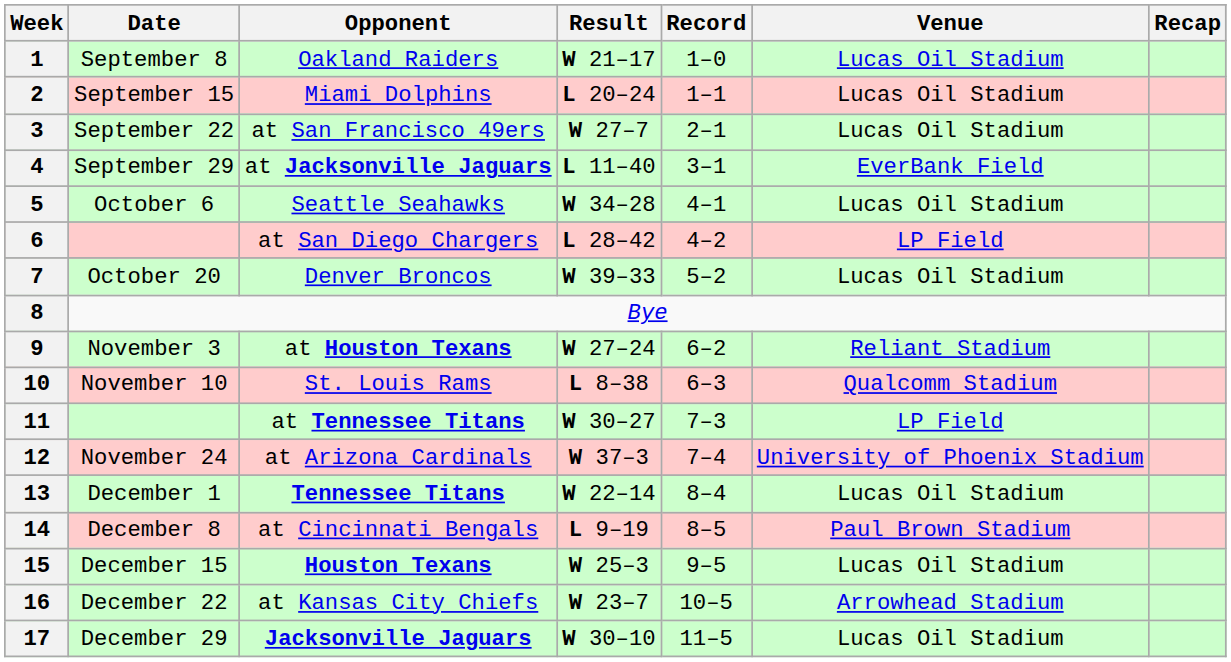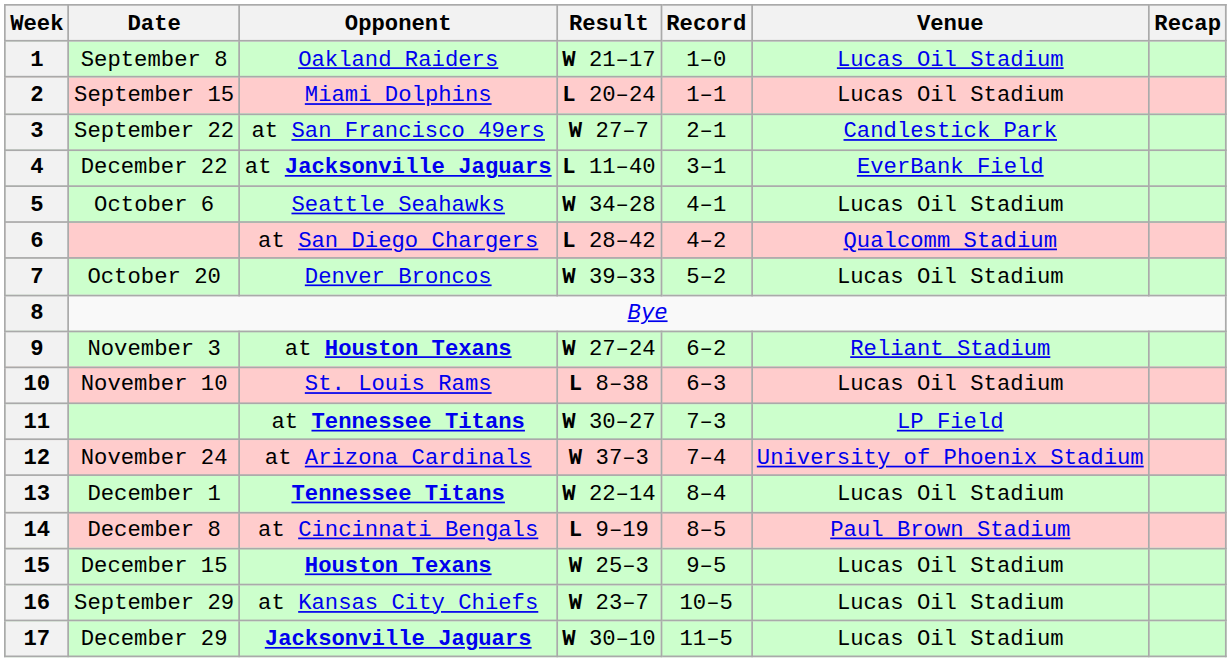 <table class="wikitable" style="text-align:center">
 <tr>
 <th>Week</th>
 <th>Date</th>
 <th>Opponent</th>
 <th>Result</th>
 <th>Record</th>
 <th>Venue</th>
 <th>Recap</th>
 </tr>
 <tr style="background:#cfc">
 <th>1</th>
 <td>September 8</td>
 <td><a href='#'>Oakland Raiders</a></td>
 <td><strong>W</strong> 21–17</td>
 <td>1–0</td>
 <td><a href='#'>Lucas Oil Stadium</a></td>
 <td></td>
 </tr>
 <tr style="background:#fcc">
 <th>2</th>
 <td>September 15</td>
 <td><a href='#'>Miami Dolphins</a></td>
 <td><strong>L</strong> 20–24</td>
 <td>1–1</td>
 <td>Lucas Oil Stadium</td>
 <td></td>
 </tr>
 <tr style="background:#cfc">
 <th>3</th>
 <td>September 22</td>
 <td>at <a href='#'>San Francisco 49ers</a></td>
 <td><strong>W</strong> 27–7</td>
 <td>2–1</td>
-<td>Lucas Oil Stadium</td>
+<td><a href='#'>Candlestick Park</a></td>
 <td></td>
 </tr>
 <tr style="background:#cfc">
 <th>4</th>
-<td>September 29</td>
+<td>December 22</td>
 <td>at <strong><a href='#'>Jacksonville Jaguars</a></strong></td>
 <td><strong>L</strong> 11–40</td>
 <td>3–1</td>
 <td><a href='#'>EverBank Field</a></td>
 <td></td>
 </tr>
 <tr style="background:#cfc">
 <th>5</th>
 <td>October 6</td>
 <td><a href='#'>Seattle Seahawks</a></td>
 <td><strong>W</strong> 34–28</td>
 <td>4–1</td>
 <td>Lucas Oil Stadium</td>
 <td></td>
 </tr>
 <tr style="background:#fcc">
 <th>6</th>
 <td></td>
 <td>at <a href='#'>San Diego Chargers</a></td>
 <td><strong>L</strong> 28–42</td>
 <td>4–2</td>
-<td><a href='#'>LP Field</a></td>
+<td><a href='#'>Qualcomm Stadium</a></td>
 <td></td>
 </tr>
 <tr style="background:#cfc">
 <th>7</th>
 <td>October 20</td>
 <td><a href='#'>Denver Broncos</a></td>
 <td><strong>W</strong> 39–33</td>
 <td>5–2</td>
 <td>Lucas Oil Stadium</td>
 <td></td>
 </tr>
 <tr>
 <th>8</th>
 <td colspan="6"><em><a href='#'>Bye</a></em></td>
 </tr>
 <tr style="background:#cfc">
 <th>9</th>
 <td>November 3</td>
 <td>at <strong><a href='#'>Houston Texans</a></strong></td>
 <td><strong>W</strong> 27–24</td>
 <td>6–2</td>
 <td><a href='#'>Reliant Stadium</a></td>
 <td></td>
 </tr>
 <tr style="background:#fcc">
 <th>10</th>
 <td>November 10</td>
 <td><a href='#'>St. Louis Rams</a></td>
 <td><strong>L</strong> 8–38</td>
 <td>6–3</td>
-<td><a href='#'>Qualcomm Stadium</a></td>
+<td>Lucas Oil Stadium</td>
 <td></td>
 </tr>
 <tr style="background:#cfc">
 <th>11</th>
 <td></td>
 <td>at <strong><a href='#'>Tennessee Titans</a></strong></td>
 <td><strong>W</strong> 30–27</td>
 <td>7–3</td>
 <td><a href='#'>LP Field</a></td>
 <td></td>
 </tr>
 <tr style="background:#fcc">
 <th>12</th>
 <td>November 24</td>
 <td>at <a href='#'>Arizona Cardinals</a></td>
 <td><strong>W</strong> 37–3</td>
 <td>7–4</td>
 <td><a href='#'>University of Phoenix Stadium</a></td>
 <td></td>
 </tr>
 <tr style="background:#cfc">
 <th>13</th>
 <td>December 1</td>
 <td><strong><a href='#'>Tennessee Titans</a></strong></td>
 <td><strong>W</strong> 22–14</td>
 <td>8–4</td>
 <td>Lucas Oil Stadium</td>
 <td></td>
 </tr>
 <tr style="background:#fcc">
 <th>14</th>
 <td>December 8</td>
 <td>at <a href='#'>Cincinnati Bengals</a></td>
 <td><strong>L</strong> 9–19</td>
 <td>8–5</td>
 <td><a href='#'>Paul Brown Stadium</a></td>
 <td></td>
 </tr>
 <tr style="background:#cfc">
 <th>15</th>
 <td>December 15</td>
 <td><strong><a href='#'>Houston Texans</a></strong></td>
 <td><strong>W</strong> 25–3</td>
 <td>9–5</td>
 <td>Lucas Oil Stadium</td>
 <td></td>
 </tr>
 <tr style="background:#cfc">
 <th>16</th>
-<td>December 22</td>
+<td>September 29</td>
 <td>at <a href='#'>Kansas City Chiefs</a></td>
 <td><strong>W</strong> 23–7</td>
 <td>10–5</td>
-<td><a href='#'>Arrowhead Stadium</a></td>
+<td>Lucas Oil Stadium</td>
 <td></td>
 </tr>
 <tr style="background:#cfc">
 <th>17</th>
 <td>December 29</td>
 <td><strong><a href='#'>Jacksonville Jaguars</a></strong></td>
 <td><strong>W</strong> 30–10</td>
 <td>11–5</td>
 <td>Lucas Oil Stadium</td>
 <td></td>
 </tr>
 </table>
